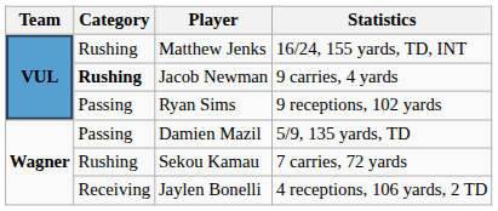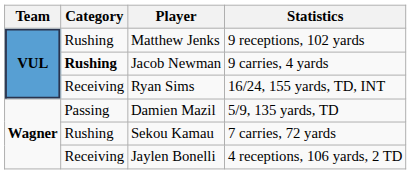 <table class="wikitable" style="float: right;">
 <tr>
 <th>Team</th>
 <th>Category</th>
 <th>Player</th>
 <th>Statistics</th>
 </tr>
 <tr>
 <td rowspan=3 style="background-color:#579FD3;color:#000000;box-shadow: inset 2px 2px 0 #2A344E, inset -2px -2px 0 #2A344E; text-align:center;"><strong>VUL</strong></td>
 <td>Rushing</td>
 <td>Matthew Jenks</td>
-<td>16/24, 155 yards, TD, INT</td>
+<td>9 receptions, 102 yards</td>
 </tr>
 <tr>
 <td><strong>Rushing</strong></td>
 <td>Jacob Newman</td>
 <td>9 carries, 4 yards</td>
 </tr>
 <tr>
-<td>Passing</td>
+<td>Receiving</td>
 <td>Ryan Sims</td>
-<td>9 receptions, 102 yards</td>
+<td>16/24, 155 yards, TD, INT</td>
 </tr>
 <tr>
 <td rowspan=3><strong>Wagner</strong></td>
 <td>Passing</td>
 <td>Damien Mazil</td>
 <td>5/9, 135 yards, TD</td>
 </tr>
 <tr>
 <td>Rushing</td>
 <td>Sekou Kamau</td>
 <td>7 carries, 72 yards</td>
 </tr>
 <tr>
 <td>Receiving</td>
 <td>Jaylen Bonelli</td>
 <td>4 receptions, 106 yards, 2 TD</td>
 </tr>
 </table>
